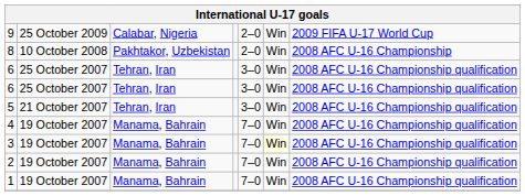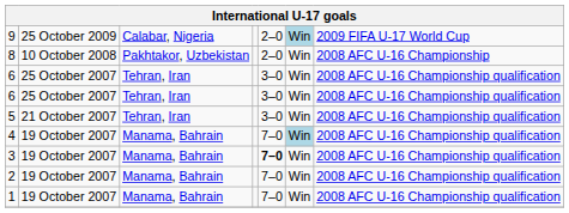 <table class="wikitable collapsible collapsed" style="font-size:90%">
 <tr>
 <th colspan="8"><strong>International U-17 goals</strong></th>
 </tr>
 <tr>
 <td>9</td>
 <td>25 October 2009</td>
 <td><a href='#'>Calabar</a>, <a href='#'>Nigeria</a></td>
 <td></td>
 <td>2–0</td>
-<td>Win</td>
+<td style="background: lightblue;">Win</td>
 <td><a href='#'>2009 FIFA U-17 World Cup</a></td>
 </tr>
 <tr>
 <td>8</td>
 <td>10 October 2008</td>
 <td><a href='#'>Pakhtakor</a>, <a href='#'>Uzbekistan</a></td>
 <td></td>
 <td>2–0</td>
 <td>Win</td>
 <td><a href='#'>2008 AFC U-16 Championship</a></td>
 </tr>
 <tr>
 <td>6</td>
 <td>25 October 2007</td>
 <td><a href='#'>Tehran</a>, <a href='#'>Iran</a></td>
 <td></td>
 <td>3–0</td>
 <td>Win</td>
 <td><a href='#'>2008 AFC U-16 Championship qualification</a></td>
 </tr>
 <tr>
 <td>6</td>
 <td>25 October 2007</td>
 <td><a href='#'>Tehran</a>, <a href='#'>Iran</a></td>
 <td></td>
 <td>3–0</td>
 <td>Win</td>
 <td><a href='#'>2008 AFC U-16 Championship qualification</a></td>
 </tr>
 <tr>
 <td>5</td>
 <td>21 October 2007</td>
 <td><a href='#'>Tehran</a>, <a href='#'>Iran</a></td>
 <td></td>
 <td>3–0</td>
 <td>Win</td>
 <td><a href='#'>2008 AFC U-16 Championship qualification</a></td>
 </tr>
 <tr>
 <td>4</td>
 <td>19 October 2007</td>
 <td><a href='#'>Manama</a>, <a href='#'>Bahrain</a></td>
 <td></td>
 <td>7–0</td>
-<td>Win</td>
+<td style="background: lightblue;">Win</td>
 <td><a href='#'>2008 AFC U-16 Championship qualification</a></td>
 </tr>
 <tr>
 <td>3</td>
 <td>19 October 2007</td>
 <td><a href='#'>Manama</a>, <a href='#'>Bahrain</a></td>
 <td></td>
-<td>7–0</td>
-<td style="background: lightyellow;">Win</td>
+<td><strong>7–0</strong></td>
+<td>Win</td>
 <td><a href='#'>2008 AFC U-16 Championship qualification</a></td>
 </tr>
 <tr>
 <td>2</td>
 <td>19 October 2007</td>
 <td><a href='#'>Manama</a>, <a href='#'>Bahrain</a></td>
 <td></td>
 <td>7–0</td>
 <td>Win</td>
 <td><a href='#'>2008 AFC U-16 Championship qualification</a></td>
 </tr>
 <tr>
 <td>1</td>
 <td>19 October 2007</td>
 <td><a href='#'>Manama</a>, <a href='#'>Bahrain</a></td>
 <td></td>
 <td>7–0</td>
 <td>Win</td>
 <td><a href='#'>2008 AFC U-16 Championship qualification</a></td>
 </tr>
 <tr>
 </tr>
 </table>
